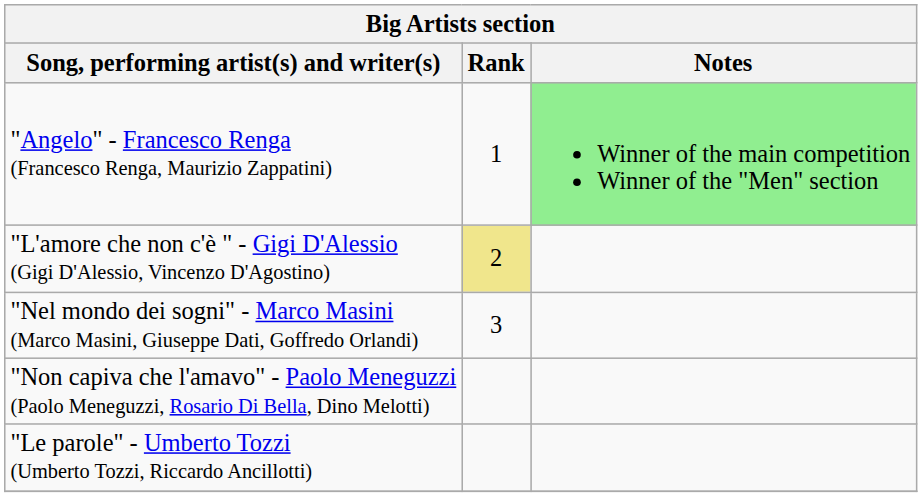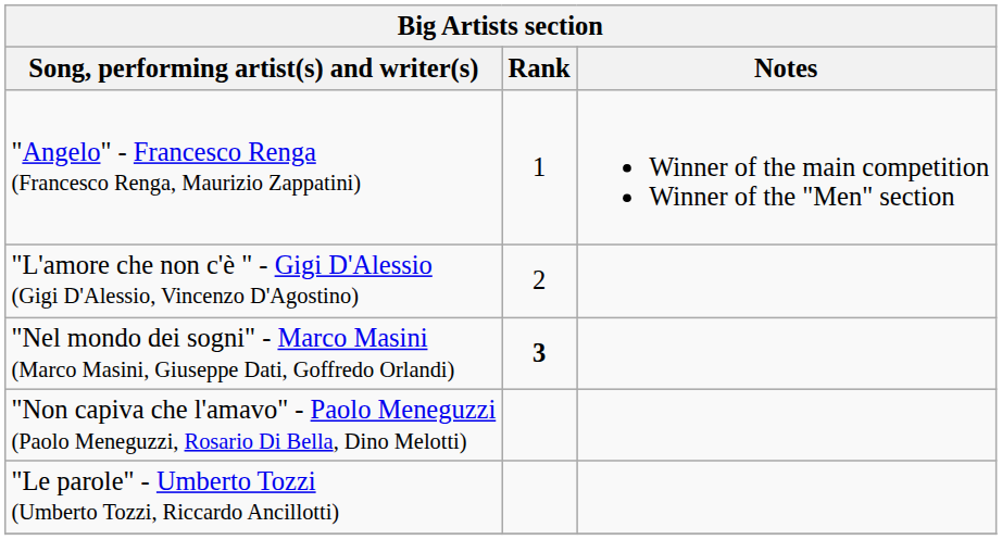 <table class="plainrowheaders wikitable">
 <tr>
 <th colspan="3">Big Artists section </th>
 </tr>
 <tr>
 <th>Song, performing artist(s) and writer(s)</th>
 <th>Rank</th>
 <th>Notes</th>
 </tr>
 <tr>
 <td>"<a href='#'>Angelo</a>" - <a href='#'>Francesco Renga</a><br><small> 	 	(Francesco Renga, Maurizio Zappatini)</small></td>
 <td align="center">1</td>
-<td style="background: lightgreen;"><br><ul><li>Winner of the main competition</li><li>Winner of the "Men" section</li></ul></td>
+<td><br><ul><li>Winner of the main competition</li><li>Winner of the "Men" section</li></ul></td>
 </tr>
 <tr>
 <td>"L'amore che non c'è " - <a href='#'>Gigi D'Alessio</a><br><small> 	(Gigi D'Alessio, Vincenzo D'Agostino) 	</small></td>
-<td align="center" style="background: khaki;">2</td>
+<td align="center">2</td>
 <td></td>
 </tr>
 <tr>
 <td>"Nel mondo dei sogni" - <a href='#'>Marco Masini</a><br><small> 	(Marco Masini, Giuseppe Dati, Goffredo Orlandi) 	</small></td>
-<td align="center">3</td>
+<td align="center"><strong>3</strong></td>
 <td></td>
 </tr>
 <tr>
 <td>"Non capiva che l'amavo" -  <a href='#'>Paolo Meneguzzi</a><br> <small> 	 	(Paolo Meneguzzi, <a href='#'>Rosario Di Bella</a>, Dino Melotti) 	</small></td>
 <td></td>
 <td></td>
 </tr>
 <tr>
 <td>"Le parole" -  <a href='#'>Umberto Tozzi</a><br> <small> 	 	(Umberto Tozzi, Riccardo Ancillotti) 	</small></td>
 <td></td>
 <td></td>
 </tr>
 <tr>
 </tr>
 </table>
